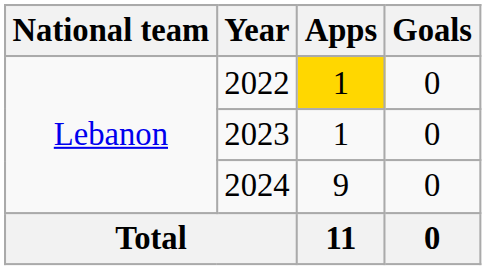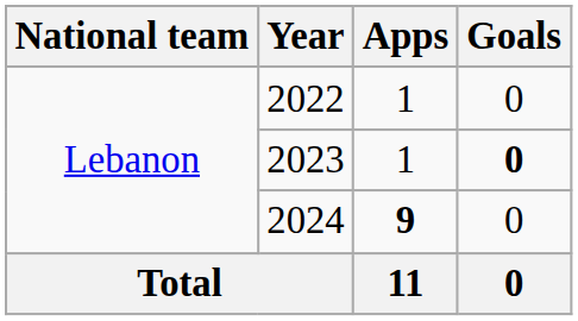 <table class="wikitable" style="text-align:center">
 <tr>
 <th>National team</th>
 <th>Year</th>
 <th>Apps</th>
 <th>Goals</th>
 </tr>
 <tr>
 <td rowspan="3"><a href='#'>Lebanon</a></td>
 <td>2022</td>
-<td style="background: gold;">1</td>
+<td>1</td>
 <td>0</td>
 </tr>
 <tr>
 <td>2023</td>
 <td>1</td>
-<td>0</td>
+<td><strong>0</strong></td>
 </tr>
 <tr>
 <td>2024</td>
-<td>9</td>
+<td><strong>9</strong></td>
 <td>0</td>
 </tr>
 <tr>
 <th colspan="2">Total</th>
 <th>11</th>
 <th>0</th>
 </tr>
 </table>
